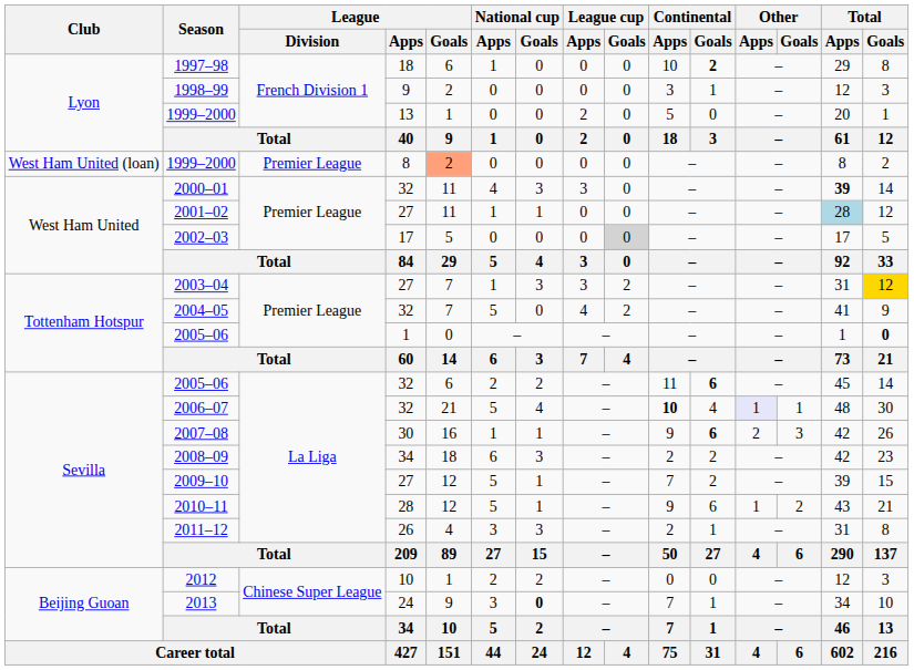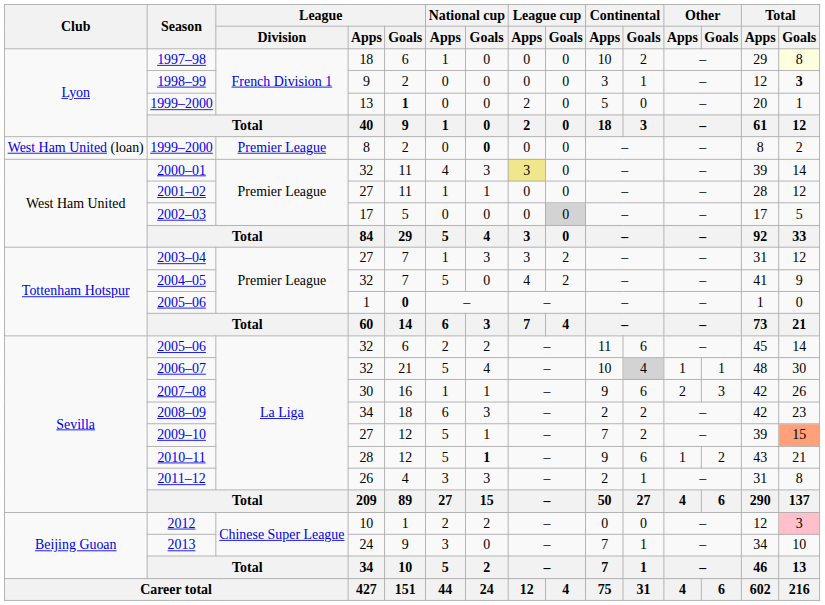 <table class="wikitable" style="text-align:center">
 <tr>
 <th rowspan="2">Club</th>
 <th rowspan="2">Season</th>
 <th colspan="3">League</th>
 <th colspan="2">National cup</th>
 <th colspan="2">League cup</th>
 <th colspan="2">Continental</th>
 <th colspan="2">Other</th>
 <th colspan="2">Total</th>
 </tr>
 <tr>
 <th>Division</th>
 <th>Apps</th>
 <th>Goals</th>
 <th>Apps</th>
 <th>Goals</th>
 <th>Apps</th>
 <th>Goals</th>
 <th>Apps</th>
 <th>Goals</th>
 <th>Apps</th>
 <th>Goals</th>
 <th>Apps</th>
 <th>Goals</th>
 </tr>
 <tr>
 <td rowspan="4"><a href='#'>Lyon</a></td>
 <td><a href='#'>1997–98</a></td>
 <td rowspan="3"><a href='#'>French Division 1</a></td>
 <td>18</td>
 <td>6</td>
 <td>1</td>
 <td>0</td>
 <td>0</td>
 <td>0</td>
 <td>10</td>
-<td><strong>2</strong></td>
+<td>2</td>
 <td colspan="2">–</td>
 <td>29</td>
-<td>8</td>
+<td style="background: lightyellow;">8</td>
 </tr>
 <tr>
 <td><a href='#'>1998–99</a></td>
 <td>9</td>
 <td>2</td>
 <td>0</td>
 <td>0</td>
 <td>0</td>
 <td>0</td>
 <td>3</td>
 <td>1</td>
 <td colspan="2">–</td>
 <td>12</td>
-<td>3</td>
+<td><strong>3</strong></td>
 </tr>
 <tr>
 <td><a href='#'>1999–2000</a></td>
 <td>13</td>
-<td>1</td>
+<td><strong>1</strong></td>
 <td>0</td>
 <td>0</td>
 <td>2</td>
 <td>0</td>
 <td>5</td>
 <td>0</td>
 <td colspan="2">–</td>
 <td>20</td>
 <td>1</td>
 </tr>
 <tr>
 <th colspan="2">Total</th>
 <th>40</th>
 <th>9</th>
 <th>1</th>
 <th>0</th>
 <th>2</th>
 <th>0</th>
 <th>18</th>
 <th>3</th>
 <th colspan="2">–</th>
 <th>61</th>
 <th>12</th>
 </tr>
 <tr>
 <td><a href='#'>West Ham United</a> (loan)</td>
 <td><a href='#'>1999–2000</a></td>
 <td><a href='#'>Premier League</a></td>
 <td>8</td>
-<td style="background: lightsalmon;">2</td>
+<td>2</td>
 <td>0</td>
-<td>0</td>
+<td><strong>0</strong></td>
 <td>0</td>
 <td>0</td>
 <td colspan="2">–</td>
 <td colspan="2">–</td>
 <td>8</td>
 <td>2</td>
 </tr>
 <tr>
 <td rowspan="4">West Ham United</td>
 <td><a href='#'>2000–01</a></td>
 <td rowspan="3">Premier League</td>
 <td>32</td>
 <td>11</td>
 <td>4</td>
 <td>3</td>
-<td>3</td>
+<td style="background: khaki;">3</td>
 <td>0</td>
 <td colspan="2">–</td>
 <td colspan="2">–</td>
-<td><strong>39</strong></td>
+<td>39</td>
 <td>14</td>
 </tr>
 <tr>
 <td><a href='#'>2001–02</a></td>
 <td>27</td>
 <td>11</td>
 <td>1</td>
 <td>1</td>
 <td>0</td>
 <td>0</td>
 <td colspan="2">–</td>
 <td colspan="2">–</td>
-<td style="background: lightblue;">28</td>
+<td>28</td>
 <td>12</td>
 </tr>
 <tr>
 <td><a href='#'>2002–03</a></td>
 <td>17</td>
 <td>5</td>
 <td>0</td>
 <td>0</td>
 <td>0</td>
 <td style="background: lightgrey;">0</td>
 <td colspan="2">–</td>
 <td colspan="2">–</td>
 <td>17</td>
 <td>5</td>
 </tr>
 <tr>
 <th colspan="2">Total</th>
 <th>84</th>
 <th>29</th>
 <th>5</th>
 <th>4</th>
 <th>3</th>
 <th>0</th>
 <th colspan="2">–</th>
 <th colspan="2">–</th>
 <th>92</th>
 <th>33</th>
 </tr>
 <tr>
 <td rowspan="4"><a href='#'>Tottenham Hotspur</a></td>
 <td><a href='#'>2003–04</a></td>
 <td rowspan="3">Premier League</td>
 <td>27</td>
 <td>7</td>
 <td>1</td>
 <td>3</td>
 <td>3</td>
 <td>2</td>
 <td colspan="2">–</td>
 <td colspan="2">–</td>
 <td>31</td>
-<td style="background: gold;">12</td>
+<td>12</td>
 </tr>
 <tr>
 <td><a href='#'>2004–05</a></td>
 <td>32</td>
 <td>7</td>
 <td>5</td>
 <td>0</td>
 <td>4</td>
 <td>2</td>
 <td colspan="2">–</td>
 <td colspan="2">–</td>
 <td>41</td>
 <td>9</td>
 </tr>
 <tr>
 <td><a href='#'>2005–06</a></td>
 <td>1</td>
-<td>0</td>
+<td><strong>0</strong></td>
 <td colspan="2">–</td>
 <td colspan="2">–</td>
 <td colspan="2">–</td>
 <td colspan="2">–</td>
 <td>1</td>
-<td><strong>0</strong></td>
+<td>0</td>
 </tr>
 <tr>
 <th colspan="2">Total</th>
 <th>60</th>
 <th>14</th>
 <th>6</th>
 <th>3</th>
 <th>7</th>
 <th>4</th>
 <th colspan="2">–</th>
 <th colspan="2">–</th>
 <th>73</th>
 <th>21</th>
 </tr>
 <tr>
 <td rowspan="8"><a href='#'>Sevilla</a></td>
 <td><a href='#'>2005–06</a></td>
 <td rowspan="7"><a href='#'>La Liga</a></td>
 <td>32</td>
 <td>6</td>
 <td>2</td>
 <td>2</td>
 <td colspan="2">–</td>
 <td>11</td>
-<td><strong>6</strong></td>
+<td>6</td>
 <td colspan="2">–</td>
 <td>45</td>
 <td>14</td>
 </tr>
 <tr>
 <td><a href='#'>2006–07</a></td>
 <td>32</td>
 <td>21</td>
 <td>5</td>
 <td>4</td>
 <td colspan="2">–</td>
-<td><strong>10</strong></td>
-<td>4</td>
-<td style="background: lavender;">1</td>
+<td>10</td>
+<td style="background: lightgrey;">4</td>
+<td>1</td>
 <td>1</td>
 <td>48</td>
 <td>30</td>
 </tr>
 <tr>
 <td><a href='#'>2007–08</a></td>
 <td>30</td>
 <td>16</td>
 <td>1</td>
 <td>1</td>
 <td colspan="2">–</td>
 <td>9</td>
-<td><strong>6</strong></td>
+<td>6</td>
 <td>2</td>
 <td>3</td>
 <td>42</td>
 <td>26</td>
 </tr>
 <tr>
 <td><a href='#'>2008–09</a></td>
 <td>34</td>
 <td>18</td>
 <td>6</td>
 <td>3</td>
 <td colspan="2">–</td>
 <td>2</td>
 <td>2</td>
 <td colspan="2">–</td>
 <td>42</td>
 <td>23</td>
 </tr>
 <tr>
 <td><a href='#'>2009–10</a></td>
 <td>27</td>
 <td>12</td>
 <td>5</td>
 <td>1</td>
 <td colspan="2">–</td>
 <td>7</td>
 <td>2</td>
 <td colspan="2">–</td>
 <td>39</td>
-<td>15</td>
+<td style="background: lightsalmon;">15</td>
 </tr>
 <tr>
 <td><a href='#'>2010–11</a></td>
 <td>28</td>
 <td>12</td>
 <td>5</td>
-<td>1</td>
+<td><strong>1</strong></td>
 <td colspan="2">–</td>
 <td>9</td>
 <td>6</td>
 <td>1</td>
 <td>2</td>
 <td>43</td>
 <td>21</td>
 </tr>
 <tr>
 <td><a href='#'>2011–12</a></td>
 <td>26</td>
 <td>4</td>
 <td>3</td>
 <td>3</td>
 <td colspan="2">–</td>
 <td>2</td>
 <td>1</td>
 <td colspan="2">–</td>
 <td>31</td>
 <td>8</td>
 </tr>
 <tr>
 <th colspan="2">Total</th>
 <th>209</th>
 <th>89</th>
 <th>27</th>
 <th>15</th>
 <th colspan="2">–</th>
 <th>50</th>
 <th>27</th>
 <th>4</th>
 <th>6</th>
 <th>290</th>
 <th>137</th>
 </tr>
 <tr>
 <td rowspan="3"><a href='#'>Beijing Guoan</a></td>
 <td><a href='#'>2012</a></td>
 <td rowspan="2"><a href='#'>Chinese Super League</a></td>
 <td>10</td>
 <td>1</td>
 <td>2</td>
 <td>2</td>
 <td colspan="2">–</td>
 <td>0</td>
 <td>0</td>
 <td colspan="2">–</td>
 <td>12</td>
-<td>3</td>
+<td style="background: pink;">3</td>
 </tr>
 <tr>
 <td><a href='#'>2013</a></td>
 <td>24</td>
 <td>9</td>
 <td>3</td>
-<td><strong>0</strong></td>
+<td>0</td>
 <td colspan="2">–</td>
 <td>7</td>
 <td>1</td>
 <td colspan="2">–</td>
 <td>34</td>
 <td>10</td>
 </tr>
 <tr>
 <th colspan="2">Total</th>
 <th>34</th>
 <th>10</th>
 <th>5</th>
 <th>2</th>
 <th colspan="2">–</th>
 <th>7</th>
 <th>1</th>
 <th colspan="2">–</th>
 <th>46</th>
 <th>13</th>
 </tr>
 <tr>
 <th colspan="3">Career total</th>
 <th>427</th>
 <th>151</th>
 <th>44</th>
 <th>24</th>
 <th>12</th>
 <th>4</th>
 <th>75</th>
 <th>31</th>
 <th>4</th>
 <th>6</th>
 <th>602</th>
 <th>216</th>
 </tr>
 </table>
